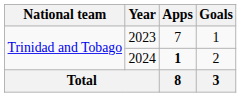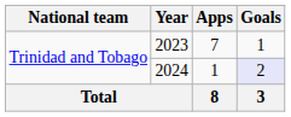 <table class="wikitable" style="text-align:center">
 <tr>
 <th>National team</th>
 <th>Year</th>
 <th>Apps</th>
 <th>Goals</th>
 </tr>
 <tr>
 <td rowspan="2"><a href='#'>Trinidad and Tobago</a></td>
 <td>2023</td>
 <td>7</td>
 <td>1</td>
 </tr>
 <tr>
 <td>2024</td>
-<td><strong>1</strong></td>
-<td>2</td>
+<td>1</td>
+<td style="background: lavender;">2</td>
 </tr>
 <tr>
 <th colspan=2>Total</th>
 <th>8</th>
 <th>3</th>
 </tr>
 </table>
